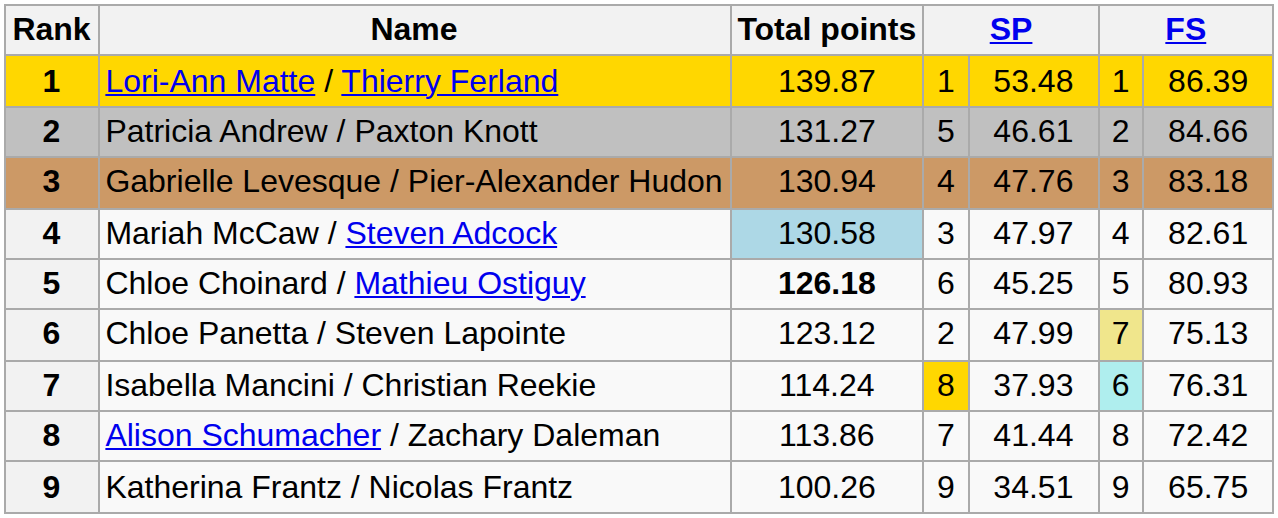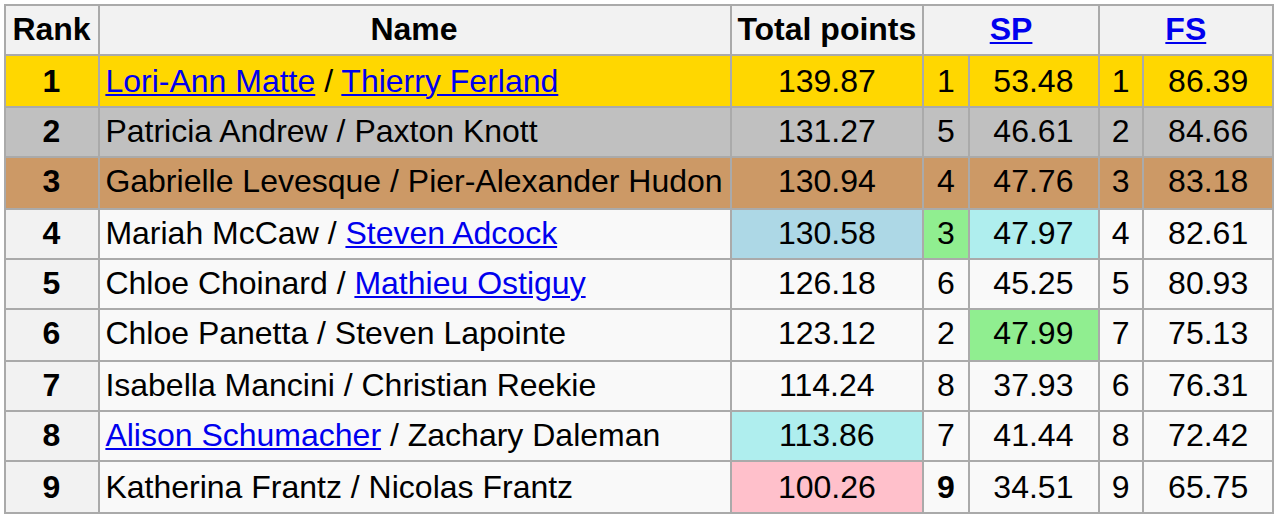 <table class="wikitable sortable">
 <tr>
 <th>Rank</th>
 <th>Name</th>
 <th>Total points</th>
 <th colspan="2" width="80px"><a href='#'>SP</a></th>
 <th colspan="2" width="80px"><a href='#'>FS</a></th>
 </tr>
 <tr bgcolor="gold">
 <td align="center"><strong>1</strong></td>
 <td><a href='#'>Lori-Ann Matte</a> / <a href='#'>Thierry Ferland</a></td>
 <td align="center">139.87</td>
 <td align="center">1</td>
 <td align="center">53.48</td>
 <td align="center">1</td>
 <td align="center">86.39</td>
 </tr>
 <tr bgcolor="silver">
 <td align="center"><strong>2</strong></td>
 <td>Patricia Andrew / Paxton Knott</td>
 <td align="center">131.27</td>
 <td align="center">5</td>
 <td align="center">46.61</td>
 <td align="center">2</td>
 <td align="center">84.66</td>
 </tr>
 <tr bgcolor="cc9966">
 <td align="center"><strong>3</strong></td>
 <td>Gabrielle Levesque / Pier-Alexander Hudon</td>
 <td align="center">130.94</td>
 <td align="center">4</td>
 <td align="center">47.76</td>
 <td align="center">3</td>
 <td align="center">83.18</td>
 </tr>
 <tr>
 <th>4</th>
 <td>Mariah McCaw / <a href='#'>Steven Adcock</a></td>
 <td align="center" style="background: lightblue;">130.58</td>
-<td align="center">3</td>
-<td align="center">47.97</td>
+<td align="center" style="background: lightgreen;">3</td>
+<td align="center" style="background: paleturquoise;">47.97</td>
 <td align="center">4</td>
 <td align="center">82.61</td>
 </tr>
 <tr>
 <th>5</th>
 <td>Chloe Choinard / <a href='#'>Mathieu Ostiguy</a></td>
-<td align="center"><strong>126.18</strong></td>
+<td align="center">126.18</td>
 <td align="center">6</td>
 <td align="center">45.25</td>
 <td align="center">5</td>
 <td align="center">80.93</td>
 </tr>
 <tr>
 <th>6</th>
 <td>Chloe Panetta / Steven Lapointe</td>
 <td align="center">123.12</td>
 <td align="center">2</td>
-<td align="center">47.99</td>
-<td align="center" style="background: khaki;">7</td>
+<td align="center" style="background: lightgreen;">47.99</td>
+<td align="center">7</td>
 <td align="center">75.13</td>
 </tr>
 <tr>
 <th>7</th>
 <td>Isabella Mancini / Christian Reekie</td>
 <td align="center">114.24</td>
-<td align="center" style="background: gold;">8</td>
+<td align="center">8</td>
 <td align="center">37.93</td>
-<td align="center" style="background: paleturquoise;">6</td>
+<td align="center">6</td>
 <td align="center">76.31</td>
 </tr>
 <tr>
 <th>8</th>
 <td><a href='#'>Alison Schumacher</a> / Zachary Daleman</td>
-<td align="center">113.86</td>
+<td align="center" style="background: paleturquoise;">113.86</td>
 <td align="center">7</td>
 <td align="center">41.44</td>
 <td align="center">8</td>
 <td align="center">72.42</td>
 </tr>
 <tr>
 <th>9</th>
 <td>Katherina Frantz / Nicolas Frantz</td>
-<td align="center">100.26</td>
-<td align="center">9</td>
+<td align="center" style="background: pink;">100.26</td>
+<td align="center"><strong>9</strong></td>
 <td align="center">34.51</td>
 <td align="center">9</td>
 <td align="center">65.75</td>
 </tr>
 </table>
